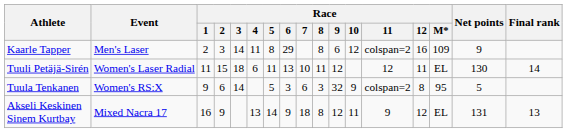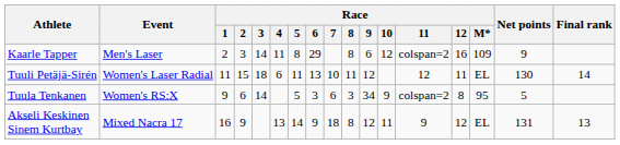 <table class="wikitable" style="font-size:90%">
 <tr>
 <th rowspan="2">Athlete</th>
 <th rowspan="2">Event</th>
 <th colspan=13>Race</th>
 <th rowspan=2>Net points</th>
 <th rowspan=2>Final rank</th>
 </tr>
 <tr style="font-size:95%">
 <th>1</th>
 <th>2</th>
 <th>3</th>
 <th>4</th>
 <th>5</th>
 <th>6</th>
 <th>7</th>
 <th>8</th>
 <th>9</th>
 <th>10</th>
 <th>11</th>
 <th>12</th>
 <th>M*</th>
 </tr>
 <tr align=center>
 <td align=left><a href='#'>Kaarle Tapper</a></td>
 <td align=left><a href='#'>Men's Laser</a></td>
 <td>2</td>
 <td>3</td>
 <td>14</td>
 <td>11</td>
 <td>8</td>
 <td>29</td>
 <td></td>
 <td>8</td>
 <td>6</td>
 <td>12</td>
 <td>colspan=2 </td>
 <td>16</td>
 <td>109</td>
 <td>9</td>
 </tr>
 <tr align=center>
 <td align=left><a href='#'>Tuuli Petäjä-Sirén</a></td>
 <td align=left><a href='#'>Women's Laser Radial</a></td>
 <td>11</td>
 <td>15</td>
 <td>18</td>
 <td>6</td>
 <td>11</td>
 <td>13</td>
 <td>10</td>
 <td>11</td>
 <td>12</td>
 <td></td>
 <td>12</td>
 <td>11</td>
 <td>EL</td>
 <td>130</td>
 <td>14</td>
 </tr>
 <tr align=center>
 <td align=left><a href='#'>Tuula Tenkanen</a></td>
 <td align=left><a href='#'>Women's RS:X</a></td>
 <td>9</td>
 <td>6</td>
 <td>14</td>
 <td></td>
 <td>5</td>
 <td>3</td>
 <td>6</td>
 <td>3</td>
-<td>32</td>
+<td>34</td>
 <td>9</td>
 <td>colspan=2 </td>
 <td>8</td>
 <td>95</td>
 <td>5</td>
 </tr>
 <tr align=center>
 <td align=left><a href='#'>Akseli Keskinen</a><br><a href='#'>Sinem Kurtbay</a></td>
 <td align=left><a href='#'>Mixed Nacra 17</a></td>
 <td>16</td>
 <td>9</td>
 <td></td>
 <td>13</td>
 <td>14</td>
 <td>9</td>
 <td>18</td>
 <td>8</td>
 <td>12</td>
 <td>11</td>
 <td>9</td>
 <td>12</td>
 <td>EL</td>
 <td>131</td>
 <td>13</td>
 </tr>
 </table>
